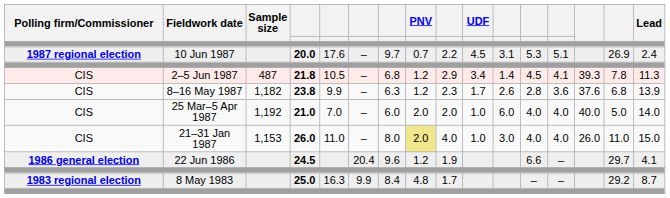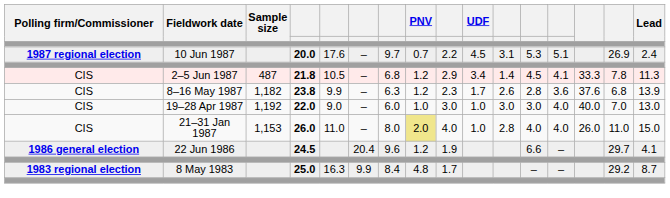 <table class="wikitable collapsible collapsed" style="text-align:center; font-size:90%; line-height:14px;">
 <tr style="height:42px;">
 <th style="width:250px;" rowspan="2">Polling firm/Commissioner</th>
 <th style="width:125px;" rowspan="2">Fieldwork date</th>
 <th style="width:50px;" rowspan="2">Sample size</th>
 <th style="width:35px;"></th>
 <th style="width:35px;"></th>
 <th style="width:35px;"></th>
 <th style="width:35px;"></th>
 <th style="width:35px;"><a href='#'>PNV</a></th>
 <th style="width:35px;"></th>
 <th style="width:35px;"><a href='#'>UDF</a></th>
 <th style="width:35px;"></th>
 <th style="width:35px;"></th>
 <th style="width:35px;"></th>
 <th style="width:35px;" rowspan="2"></th>
 <th style="width:35px;" rowspan="2"></th>
 <th style="width:30px;" rowspan="2">Lead</th>
 </tr>
 <tr>
 <th style="color:inherit;background:"></th>
 <th style="color:inherit;background:"></th>
 <th style="color:inherit;background:"></th>
 <th style="color:inherit;background:"></th>
 <th style="color:inherit;background:"></th>
 <th style="color:inherit;background:"></th>
 <th style="color:inherit;background:"></th>
 <th style="color:inherit;background:"></th>
 <th style="color:inherit;background:"></th>
 <th style="color:inherit;background:"></th>
 </tr>
 <tr>
 <td colspan="16" style="background:#A0A0A0"></td>
 </tr>
 <tr style="background:#EFEFEF;">
 <td><strong><a href='#'>1987 regional election</a></strong></td>
 <td>10 Jun 1987</td>
 <td></td>
 <td><strong>20.0</strong></td>
 <td>17.6</td>
 <td>–</td>
 <td>9.7</td>
 <td>0.7</td>
 <td>2.2</td>
 <td>4.5</td>
 <td>3.1</td>
 <td>5.3</td>
 <td>5.1</td>
 <td></td>
 <td>26.9</td>
 <td style="background:">2.4</td>
 </tr>
 <tr>
 <td colspan="16" style="background:#A0A0A0"></td>
 </tr>
 <tr style="background:#FFEAEA;">
 <td>CIS</td>
 <td>2–5 Jun 1987</td>
 <td>487</td>
 <td><strong>21.8</strong></td>
 <td>10.5</td>
 <td>–</td>
 <td>6.8</td>
 <td>1.2</td>
 <td>2.9</td>
 <td>3.4</td>
 <td>1.4</td>
 <td>4.5</td>
 <td>4.1</td>
-<td>39.3</td>
+<td>33.3</td>
 <td>7.8</td>
 <td style="background:">11.3</td>
 </tr>
 <tr>
 <td>CIS</td>
 <td>8–16 May 1987</td>
 <td>1,182</td>
 <td><strong>23.8</strong></td>
 <td>9.9</td>
 <td>–</td>
 <td>6.3</td>
 <td>1.2</td>
 <td>2.3</td>
 <td>1.7</td>
 <td>2.6</td>
 <td>2.8</td>
 <td>3.6</td>
 <td>37.6</td>
 <td>6.8</td>
 <td style="background:">13.9</td>
 </tr>
 <tr>
 <td>CIS</td>
-<td>25 Mar–5 Apr 1987</td>
+<td>19–28 Apr 1987</td>
 <td>1,192</td>
-<td><strong>21.0</strong></td>
-<td>7.0</td>
+<td><strong>22.0</strong></td>
+<td>9.0</td>
 <td>–</td>
 <td>6.0</td>
-<td>2.0</td>
-<td>2.0</td>
 <td>1.0</td>
-<td>6.0</td>
-<td>4.0</td>
+<td>3.0</td>
+<td>1.0</td>
+<td>3.0</td>
+<td>3.0</td>
 <td>4.0</td>
 <td>40.0</td>
-<td>5.0</td>
-<td style="background:">14.0</td>
+<td>7.0</td>
+<td style="background:">13.0</td>
 </tr>
 <tr>
 <td>CIS</td>
 <td>21–31 Jan 1987</td>
 <td>1,153</td>
 <td><strong>26.0</strong></td>
 <td>11.0</td>
 <td>–</td>
 <td>8.0</td>
 <td style="background: khaki;">2.0</td>
 <td>4.0</td>
 <td>1.0</td>
-<td>3.0</td>
+<td>2.8</td>
 <td>4.0</td>
 <td>4.0</td>
 <td>26.0</td>
 <td>11.0</td>
 <td style="background:">15.0</td>
 </tr>
 <tr style="background:#EFEFEF;">
 <td><strong><a href='#'>1986 general election</a></strong></td>
 <td>22 Jun 1986</td>
 <td></td>
 <td><strong>24.5</strong></td>
 <td></td>
 <td>20.4</td>
 <td>9.6</td>
 <td>1.2</td>
 <td>1.9</td>
 <td></td>
 <td></td>
 <td>6.6</td>
 <td>–</td>
 <td></td>
 <td>29.7</td>
 <td style="background:">4.1</td>
 </tr>
 <tr>
 <td colspan="16" style="background:#A0A0A0"></td>
 </tr>
 <tr style="background:#EFEFEF;">
 <td><strong><a href='#'>1983 regional election</a></strong></td>
 <td>8 May 1983</td>
 <td></td>
 <td><strong>25.0</strong></td>
 <td>16.3</td>
 <td>9.9</td>
 <td>8.4</td>
 <td>4.8</td>
 <td>1.7</td>
 <td></td>
 <td></td>
 <td>–</td>
 <td>–</td>
 <td></td>
 <td>29.2</td>
 <td style="background:">8.7</td>
 </tr>
 <tr>
 <td colspan="16" style="background:#A0A0A0"></td>
 </tr>
 </table>
